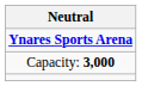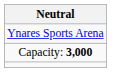 <table class="wikitable" style="font-size: 90%; text-align:center">
 <tr>
 <th>Neutral</th>
 </tr>
 <tr>
-<td><strong><a href='#'>Ynares Sports Arena</a> <br> </strong></td>
+<td><a href='#'>Ynares Sports Arena</a> <br> </td>
 </tr>
 <tr>
 <td>Capacity: <strong>3,000</strong></td>
 </tr>
 <tr>
 <td></td>
 </tr>
 </table>
